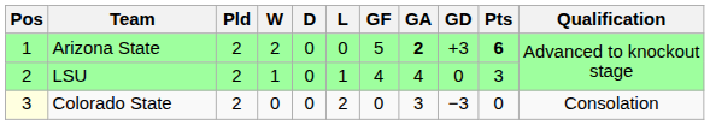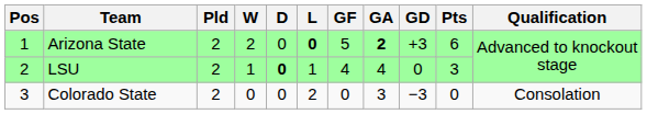 <table class="wikitable" style="text-align:center; margin: 1em auto">
 <tr>
 <th style="width:2em">Pos</th>
 <th style="width:13em">Team</th>
 <th style="width:2em">Pld</th>
 <th style="width:2em">W</th>
 <th style="width:2em">D</th>
 <th style="width:2em">L</th>
 <th style="width:2em">GF</th>
 <th style="width:2em">GA</th>
 <th style="width:2em">GD</th>
 <th style="width:2em">Pts</th>
 <th style="width:13em">Qualification</th>
 </tr>
 <tr bgcolor="#9eff9e">
 <td>1</td>
 <td style="text-align:left">Arizona State</td>
 <td>2</td>
 <td>2</td>
 <td>0</td>
-<td>0</td>
+<td><strong>0</strong></td>
 <td>5</td>
 <td><strong>2</strong></td>
 <td>+3</td>
-<td><strong>6</strong></td>
+<td>6</td>
 <td rowspan="2">Advanced to knockout stage</td>
 </tr>
 <tr bgcolor="#9eff9e">
 <td>2</td>
 <td style="text-align:left">LSU</td>
 <td>2</td>
 <td>1</td>
-<td>0</td>
+<td><strong>0</strong></td>
 <td>1</td>
 <td>4</td>
 <td>4</td>
 <td>0</td>
 <td>3</td>
 </tr>
 <tr>
-<td style="background: lightyellow;">3</td>
+<td>3</td>
 <td style="text-align:left">Colorado State</td>
 <td>2</td>
 <td>0</td>
 <td>0</td>
 <td>2</td>
 <td>0</td>
 <td>3</td>
 <td>−3</td>
 <td>0</td>
 <td>Consolation</td>
 </tr>
 </table>
